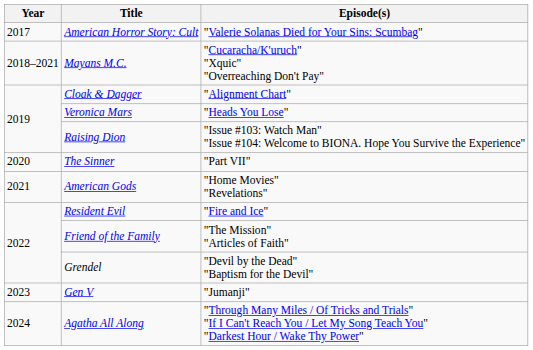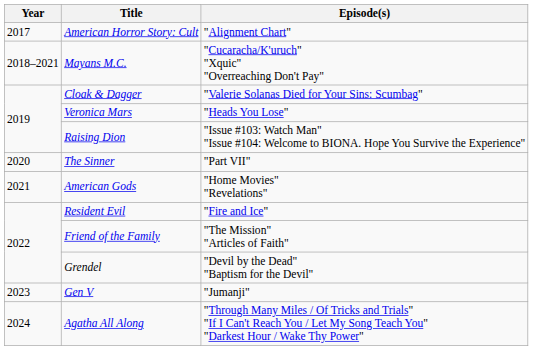 <table class="wikitable">
 <tr>
 <th>Year</th>
 <th>Title</th>
 <th>Episode(s)</th>
 </tr>
 <tr>
 <td>2017</td>
 <td><em><a href='#'>American Horror Story: Cult</a></em></td>
-<td>"<a href='#'>Valerie Solanas Died for Your Sins: Scumbag</a>"</td>
+<td>"<a href='#'>Alignment Chart</a>"</td>
 </tr>
 <tr>
 <td>2018–2021</td>
 <td><em><a href='#'>Mayans M.C.</a></em></td>
 <td>"<a href='#'>Cucaracha/K'uruch</a>"<br>"Xquic"<br>"Overreaching Don't Pay"</td>
 </tr>
 <tr>
 <td rowspan=3>2019</td>
 <td><em><a href='#'>Cloak & Dagger</a></em></td>
-<td>"<a href='#'>Alignment Chart</a>"</td>
+<td>"<a href='#'>Valerie Solanas Died for Your Sins: Scumbag</a>"</td>
 </tr>
 <tr>
 <td><em><a href='#'>Veronica Mars</a></em></td>
 <td>"<a href='#'>Heads You Lose</a>"</td>
 </tr>
 <tr>
 <td><em><a href='#'>Raising Dion</a></em></td>
 <td>"Issue #103: Watch Man"<br>"Issue #104: Welcome to BIONA. Hope You Survive the Experience"</td>
 </tr>
 <tr>
 <td>2020</td>
 <td><em><a href='#'>The Sinner</a></em></td>
 <td>"Part VII"</td>
 </tr>
 <tr>
 <td>2021</td>
 <td><em><a href='#'>American Gods</a></em></td>
 <td>"Home Movies"<br>"Revelations"</td>
 </tr>
 <tr>
 <td rowspan=3>2022</td>
 <td><em><a href='#'>Resident Evil</a></em></td>
 <td>"<a href='#'>Fire and Ice</a>"</td>
 </tr>
 <tr>
 <td><em><a href='#'>Friend of the Family</a></em></td>
 <td>"The Mission"<br>"Articles of Faith"</td>
 </tr>
 <tr>
 <td><em>Grendel</em></td>
 <td>"Devil by the Dead"<br>"Baptism for the Devil"</td>
 </tr>
 <tr>
 <td>2023</td>
 <td><em><a href='#'>Gen V</a></em></td>
 <td>"Jumanji"</td>
 </tr>
 <tr>
 <td>2024</td>
 <td><em><a href='#'>Agatha All Along</a></em></td>
 <td>"<a href='#'>Through Many Miles / Of Tricks and Trials</a>"<br>"<a href='#'>If I Can't Reach You / Let My Song Teach You</a>"<br>"<a href='#'>Darkest Hour / Wake Thy Power</a>"</td>
 </tr>
 </table>
